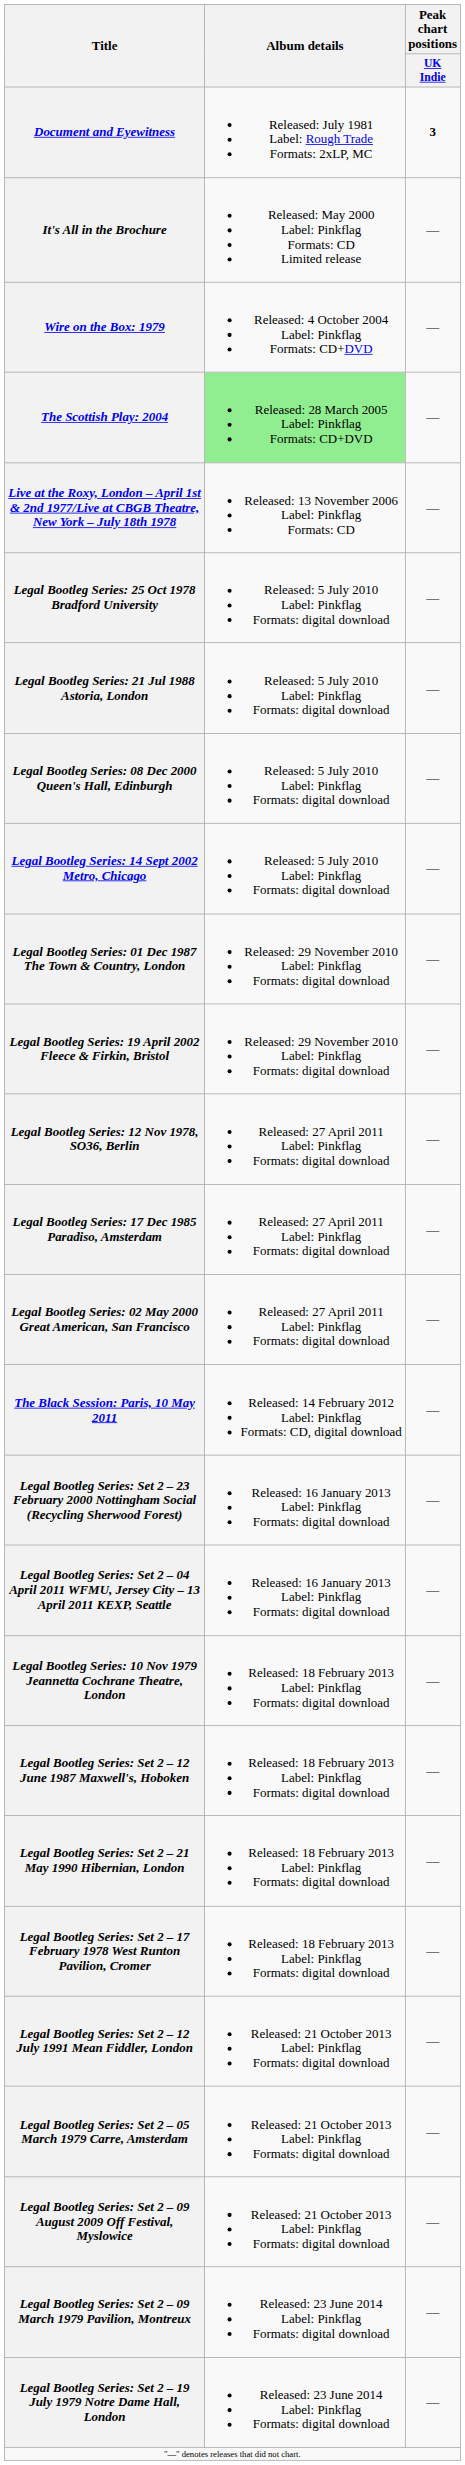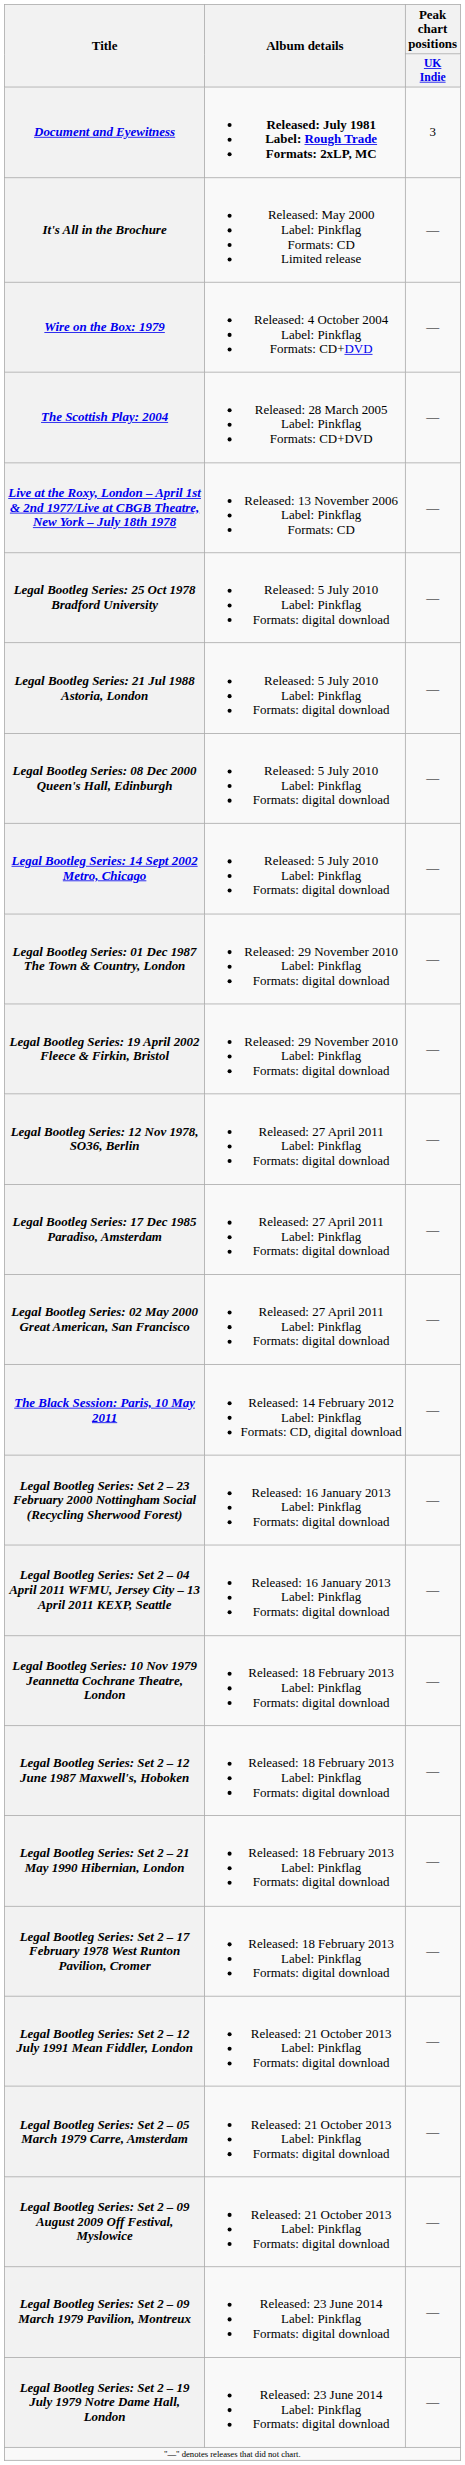 <table class="wikitable plainrowheaders" style="text-align:center;">
 <tr>
 <th rowspan="2" scope="col" style="width:15em;">Title</th>
 <th rowspan="2" scope="col" style="width:15em;">Album details</th>
 <th>Peak chart positions</th>
 </tr>
 <tr>
 <th scope="col" style="width:2em;font-size:90%;"><a href='#'>UK<br>Indie</a><br></th>
 </tr>
 <tr>
 <th scope="row"><em><a href='#'>Document and Eyewitness</a></em></th>
-<td><br><ul><li>Released: July 1981</li><li>Label: <a href='#'>Rough Trade</a></li><li>Formats: 2xLP, MC</li></ul></td>
-<td><strong>3</strong></td>
+<td><strong><br><ul><li>Released: July 1981</li><li>Label: <a href='#'>Rough Trade</a></li><li>Formats: 2xLP, MC</li></ul></strong></td>
+<td>3</td>
 </tr>
 <tr>
 <th scope="row"><em>It's All in the Brochure</em></th>
 <td><br><ul><li>Released: May 2000</li><li>Label: Pinkflag</li><li>Formats: CD</li><li>Limited release</li></ul></td>
 <td>—</td>
 </tr>
 <tr>
 <th scope="row"><em><a href='#'>Wire on the Box: 1979</a></em></th>
 <td><br><ul><li>Released: 4 October 2004</li><li>Label: Pinkflag</li><li>Formats: CD+<a href='#'>DVD</a></li></ul></td>
 <td>—</td>
 </tr>
 <tr>
 <th scope="row"><em><a href='#'>The Scottish Play: 2004</a></em></th>
-<td style="background: lightgreen;"><br><ul><li>Released: 28 March 2005</li><li>Label: Pinkflag</li><li>Formats: CD+DVD</li></ul></td>
+<td><br><ul><li>Released: 28 March 2005</li><li>Label: Pinkflag</li><li>Formats: CD+DVD</li></ul></td>
 <td>—</td>
 </tr>
 <tr>
 <th scope="row"><em><a href='#'>Live at the Roxy, London – April 1st & 2nd 1977/Live at CBGB Theatre, New York – July 18th 1978</a></em></th>
 <td><br><ul><li>Released: 13 November 2006</li><li>Label: Pinkflag</li><li>Formats: CD</li></ul></td>
 <td>—</td>
 </tr>
 <tr>
 <th scope="row"><em>Legal Bootleg Series: 25 Oct 1978 Bradford University</em></th>
 <td><br><ul><li>Released: 5 July 2010</li><li>Label: Pinkflag</li><li>Formats: digital download</li></ul></td>
 <td>—</td>
 </tr>
 <tr>
 <th scope="row"><em>Legal Bootleg Series: 21 Jul 1988 Astoria, London</em></th>
 <td><br><ul><li>Released: 5 July 2010</li><li>Label: Pinkflag</li><li>Formats: digital download</li></ul></td>
 <td>—</td>
 </tr>
 <tr>
 <th scope="row"><em>Legal Bootleg Series: 08 Dec 2000 Queen's Hall, Edinburgh</em></th>
 <td><br><ul><li>Released: 5 July 2010</li><li>Label: Pinkflag</li><li>Formats: digital download</li></ul></td>
 <td>—</td>
 </tr>
 <tr>
 <th scope="row"><em><a href='#'>Legal Bootleg Series: 14 Sept 2002 Metro, Chicago</a></em></th>
 <td><br><ul><li>Released: 5 July 2010</li><li>Label: Pinkflag</li><li>Formats: digital download</li></ul></td>
 <td>—</td>
 </tr>
 <tr>
 <th scope="row"><em>Legal Bootleg Series: 01 Dec 1987 The Town & Country, London</em></th>
 <td><br><ul><li>Released: 29 November 2010</li><li>Label: Pinkflag</li><li>Formats: digital download</li></ul></td>
 <td>—</td>
 </tr>
 <tr>
 <th scope="row"><em>Legal Bootleg Series: 19 April 2002 Fleece & Firkin, Bristol</em></th>
 <td><br><ul><li>Released: 29 November 2010</li><li>Label: Pinkflag</li><li>Formats: digital download</li></ul></td>
 <td>—</td>
 </tr>
 <tr>
 <th scope="row"><em>Legal Bootleg Series: 12 Nov 1978, SO36, Berlin</em></th>
 <td><br><ul><li>Released: 27 April 2011</li><li>Label: Pinkflag</li><li>Formats: digital download</li></ul></td>
 <td>—</td>
 </tr>
 <tr>
 <th scope="row"><em>Legal Bootleg Series: 17 Dec 1985 Paradiso, Amsterdam</em></th>
 <td><br><ul><li>Released: 27 April 2011</li><li>Label: Pinkflag</li><li>Formats: digital download</li></ul></td>
 <td>—</td>
 </tr>
 <tr>
 <th scope="row"><em>Legal Bootleg Series: 02 May 2000 Great American, San Francisco</em></th>
 <td><br><ul><li>Released: 27 April 2011</li><li>Label: Pinkflag</li><li>Formats: digital download</li></ul></td>
 <td>—</td>
 </tr>
 <tr>
 <th scope="row"><em><a href='#'>The Black Session: Paris, 10 May 2011</a></em></th>
 <td><br><ul><li>Released: 14 February 2012</li><li>Label: Pinkflag</li><li>Formats: CD, digital download</li></ul></td>
 <td>—</td>
 </tr>
 <tr>
 <th scope="row"><em>Legal Bootleg Series: Set 2 – 23 February 2000 Nottingham Social (Recycling Sherwood Forest)</em></th>
 <td><br><ul><li>Released: 16 January 2013</li><li>Label: Pinkflag</li><li>Formats: digital download</li></ul></td>
 <td>—</td>
 </tr>
 <tr>
 <th scope="row"><em>Legal Bootleg Series: Set 2 – 04 April 2011 WFMU, Jersey City – 13 April 2011 KEXP, Seattle</em></th>
 <td><br><ul><li>Released: 16 January 2013</li><li>Label: Pinkflag</li><li>Formats: digital download</li></ul></td>
 <td>—</td>
 </tr>
 <tr>
 <th scope="row"><em>Legal Bootleg Series: 10 Nov 1979 Jeannetta Cochrane Theatre, London</em></th>
 <td><br><ul><li>Released: 18 February 2013</li><li>Label: Pinkflag</li><li>Formats: digital download</li></ul></td>
 <td>—</td>
 </tr>
 <tr>
 <th scope="row"><em>Legal Bootleg Series: Set 2 – 12 June 1987 Maxwell's, Hoboken</em></th>
 <td><br><ul><li>Released: 18 February 2013</li><li>Label: Pinkflag</li><li>Formats: digital download</li></ul></td>
 <td>—</td>
 </tr>
 <tr>
 <th scope="row"><em>Legal Bootleg Series: Set 2 – 21 May 1990 Hibernian, London</em></th>
 <td><br><ul><li>Released: 18 February 2013</li><li>Label: Pinkflag</li><li>Formats: digital download</li></ul></td>
 <td>—</td>
 </tr>
 <tr>
 <th scope="row"><em>Legal Bootleg Series: Set 2 – 17 February 1978 West Runton Pavilion, Cromer</em></th>
 <td><br><ul><li>Released: 18 February 2013</li><li>Label: Pinkflag</li><li>Formats: digital download</li></ul></td>
 <td>—</td>
 </tr>
 <tr>
 <th scope="row"><em>Legal Bootleg Series: Set 2 – 12 July 1991 Mean Fiddler, London</em></th>
 <td><br><ul><li>Released: 21 October 2013</li><li>Label: Pinkflag</li><li>Formats: digital download</li></ul></td>
 <td>—</td>
 </tr>
 <tr>
 <th scope="row"><em>Legal Bootleg Series: Set 2 – 05 March 1979 Carre, Amsterdam</em></th>
 <td><br><ul><li>Released: 21 October 2013</li><li>Label: Pinkflag</li><li>Formats: digital download</li></ul></td>
 <td>—</td>
 </tr>
 <tr>
 <th scope="row"><em>Legal Bootleg Series: Set 2 – 09 August 2009 Off Festival, Myslowice</em></th>
 <td><br><ul><li>Released: 21 October 2013</li><li>Label: Pinkflag</li><li>Formats: digital download</li></ul></td>
 <td>—</td>
 </tr>
 <tr>
 <th scope="row"><em>Legal Bootleg Series: Set 2 – 09 March 1979 Pavilion, Montreux</em></th>
 <td><br><ul><li>Released: 23 June 2014</li><li>Label: Pinkflag</li><li>Formats: digital download</li></ul></td>
 <td>—</td>
 </tr>
 <tr>
 <th scope="row"><em>Legal Bootleg Series: Set 2 – 19 July 1979 Notre Dame Hall, London</em></th>
 <td><br><ul><li>Released: 23 June 2014</li><li>Label: Pinkflag</li><li>Formats: digital download</li></ul></td>
 <td>—</td>
 </tr>
 <tr>
 <td colspan="3" style="font-size:8pt">"—" denotes releases that did not chart.</td>
 </tr>
 </table>
